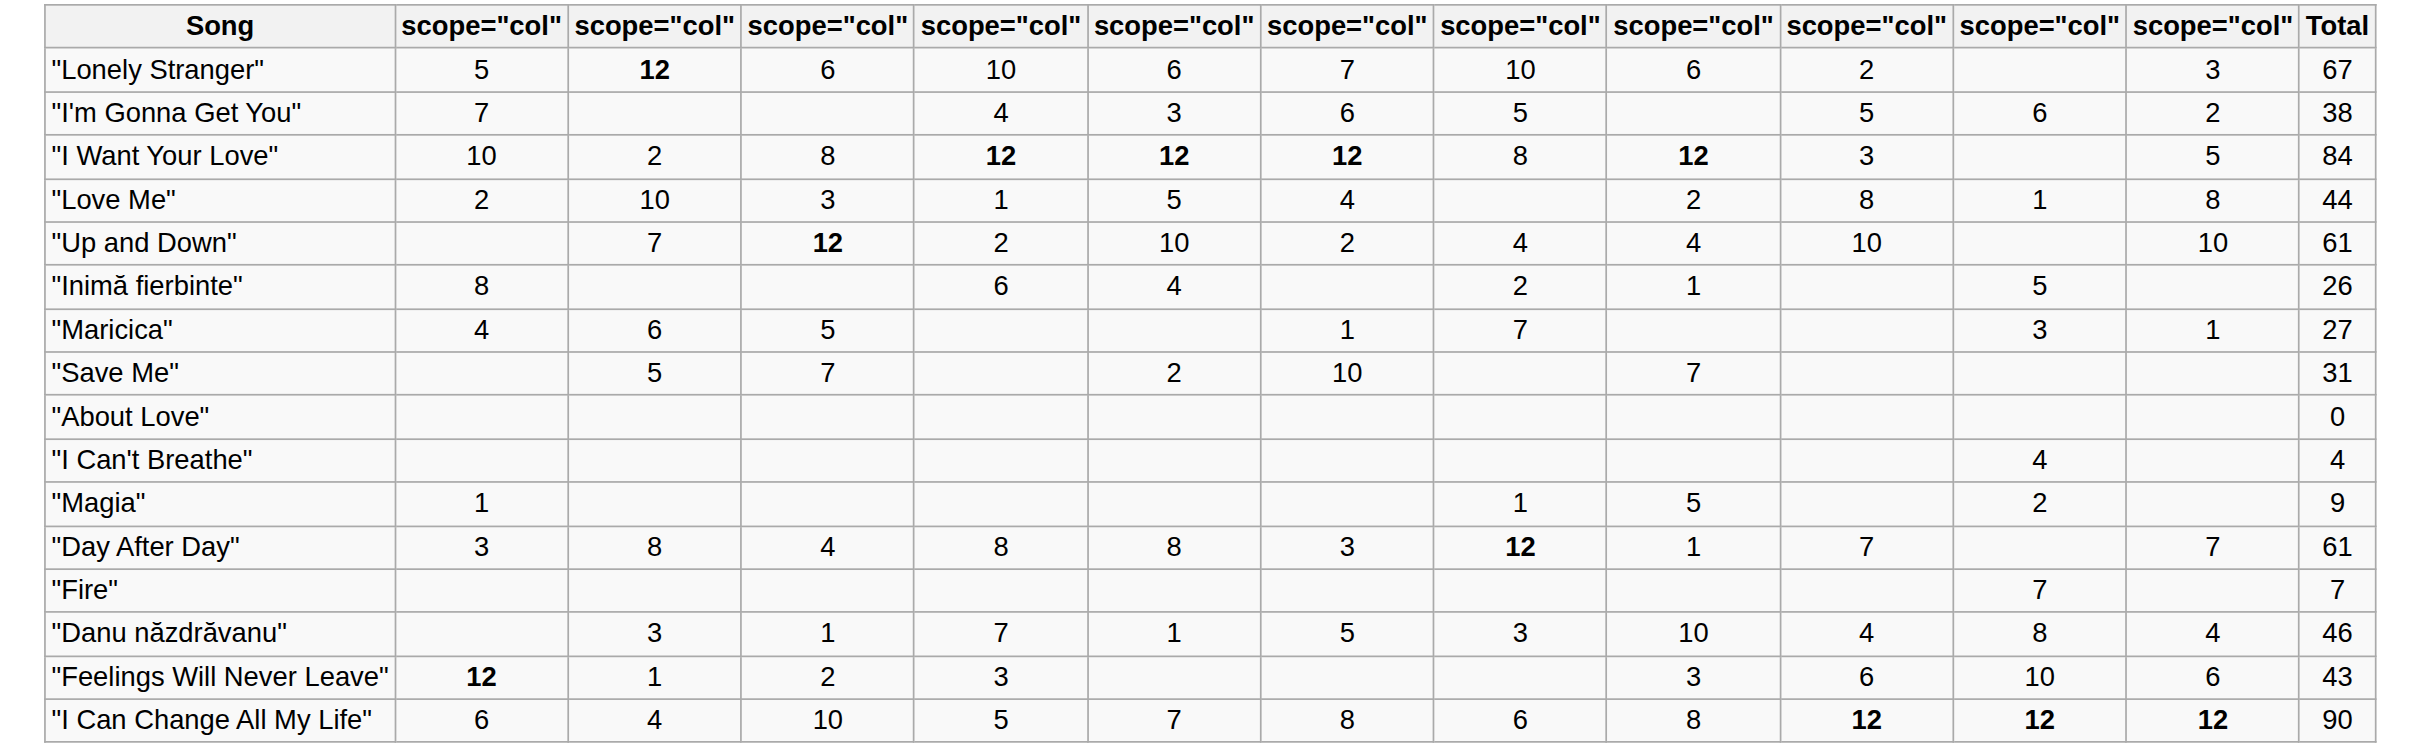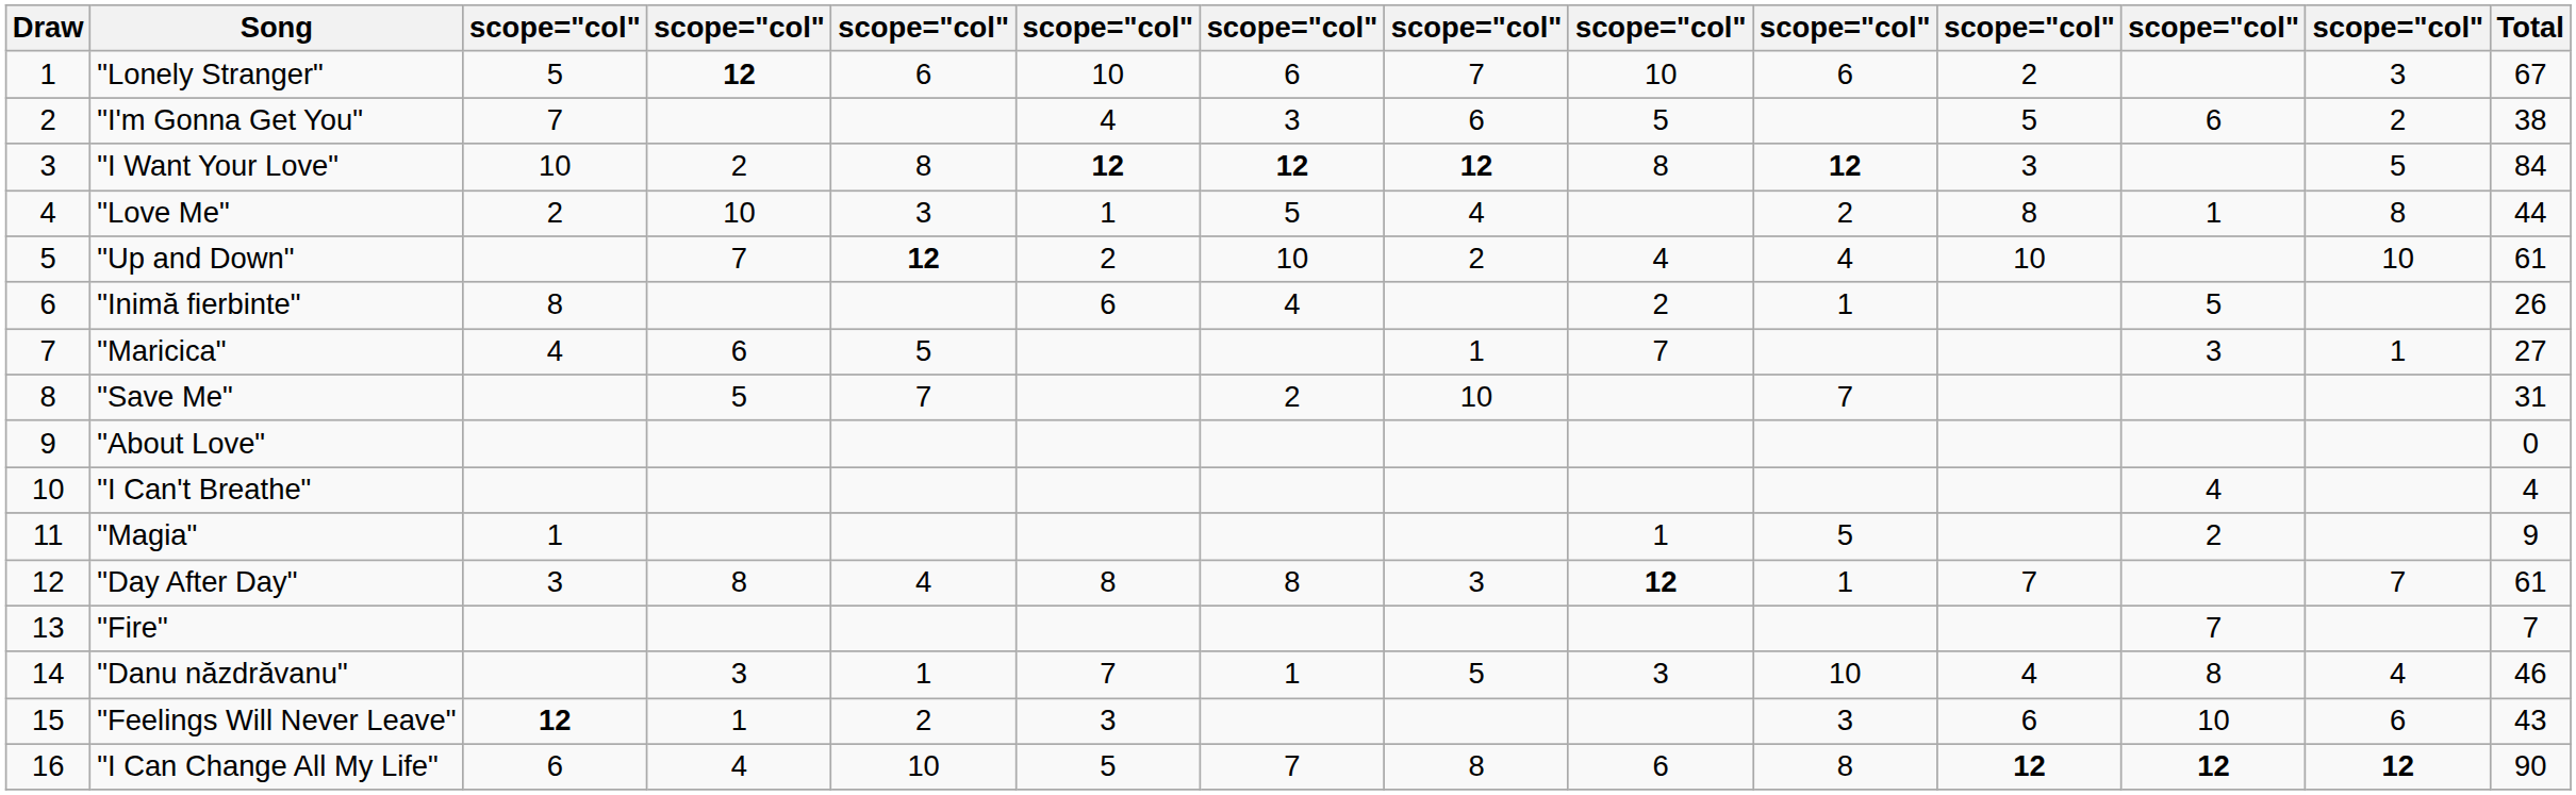 <table class="wikitable collapsible" style="margin: 1em auto 1em auto; text-align:center;">
 <tr>
+<th>Draw</th>
 <th>Song</th>
 <th>scope="col" </th>
 <th>scope="col" </th>
 <th>scope="col" </th>
 <th>scope="col" </th>
 <th>scope="col" </th>
 <th>scope="col" </th>
 <th>scope="col" </th>
 <th>scope="col" </th>
 <th>scope="col" </th>
 <th>scope="col" </th>
 <th>scope="col" </th>
 <th>Total</th>
 </tr>
 <tr>
+<td>1</td>
 <td align="left">"Lonely Stranger"</td>
 <td>5</td>
 <td><strong>12</strong></td>
 <td>6</td>
 <td>10</td>
 <td>6</td>
 <td>7</td>
 <td>10</td>
 <td>6</td>
 <td>2</td>
 <td></td>
 <td>3</td>
 <td>67</td>
 </tr>
 <tr>
+<td>2</td>
 <td align="left">"I'm Gonna Get You"</td>
 <td>7</td>
 <td></td>
 <td></td>
 <td>4</td>
 <td>3</td>
 <td>6</td>
 <td>5</td>
 <td></td>
 <td>5</td>
 <td>6</td>
 <td>2</td>
 <td>38</td>
 </tr>
 <tr>
+<td>3</td>
 <td align="left">"I Want Your Love"</td>
 <td>10</td>
 <td>2</td>
 <td>8</td>
 <td><strong>12</strong></td>
 <td><strong>12</strong></td>
 <td><strong>12</strong></td>
 <td>8</td>
 <td><strong>12</strong></td>
 <td>3</td>
 <td></td>
 <td>5</td>
 <td>84</td>
 </tr>
 <tr>
+<td>4</td>
 <td align="left">"Love Me"</td>
 <td>2</td>
 <td>10</td>
 <td>3</td>
 <td>1</td>
 <td>5</td>
 <td>4</td>
 <td></td>
 <td>2</td>
 <td>8</td>
 <td>1</td>
 <td>8</td>
 <td>44</td>
 </tr>
 <tr>
+<td>5</td>
 <td align="left">"Up and Down"</td>
 <td></td>
 <td>7</td>
 <td><strong>12</strong></td>
 <td>2</td>
 <td>10</td>
 <td>2</td>
 <td>4</td>
 <td>4</td>
 <td>10</td>
 <td></td>
 <td>10</td>
 <td>61</td>
 </tr>
 <tr>
+<td>6</td>
 <td align="left">"Inimă fierbinte"</td>
 <td>8</td>
 <td></td>
 <td></td>
 <td>6</td>
 <td>4</td>
 <td></td>
 <td>2</td>
 <td>1</td>
 <td></td>
 <td>5</td>
 <td></td>
 <td>26</td>
 </tr>
 <tr>
+<td>7</td>
 <td align="left">"Maricica"</td>
 <td>4</td>
 <td>6</td>
 <td>5</td>
 <td></td>
 <td></td>
 <td>1</td>
 <td>7</td>
 <td></td>
 <td></td>
 <td>3</td>
 <td>1</td>
 <td>27</td>
 </tr>
 <tr>
+<td>8</td>
 <td align="left">"Save Me"</td>
 <td></td>
 <td>5</td>
 <td>7</td>
 <td></td>
 <td>2</td>
 <td>10</td>
 <td></td>
 <td>7</td>
 <td></td>
 <td></td>
 <td></td>
 <td>31</td>
 </tr>
 <tr>
+<td>9</td>
 <td align="left">"About Love"</td>
 <td></td>
 <td></td>
 <td></td>
 <td></td>
 <td></td>
 <td></td>
 <td></td>
 <td></td>
 <td></td>
 <td></td>
 <td></td>
 <td>0</td>
 </tr>
 <tr>
+<td>10</td>
 <td align="left">"I Can't Breathe"</td>
 <td></td>
 <td></td>
 <td></td>
 <td></td>
 <td></td>
 <td></td>
 <td></td>
 <td></td>
 <td></td>
 <td>4</td>
 <td></td>
 <td>4</td>
 </tr>
 <tr>
+<td>11</td>
 <td align="left">"Magia"</td>
 <td>1</td>
 <td></td>
 <td></td>
 <td></td>
 <td></td>
 <td></td>
 <td>1</td>
 <td>5</td>
 <td></td>
 <td>2</td>
 <td></td>
 <td>9</td>
 </tr>
 <tr>
+<td>12</td>
 <td align="left">"Day After Day"</td>
 <td>3</td>
 <td>8</td>
 <td>4</td>
 <td>8</td>
 <td>8</td>
 <td>3</td>
 <td><strong>12</strong></td>
 <td>1</td>
 <td>7</td>
 <td></td>
 <td>7</td>
 <td>61</td>
 </tr>
 <tr>
+<td>13</td>
 <td align="left">"Fire"</td>
 <td></td>
 <td></td>
 <td></td>
 <td></td>
 <td></td>
 <td></td>
 <td></td>
 <td></td>
 <td></td>
 <td>7</td>
 <td></td>
 <td>7</td>
 </tr>
 <tr>
+<td>14</td>
 <td align="left">"Danu năzdrăvanu"</td>
 <td></td>
 <td>3</td>
 <td>1</td>
 <td>7</td>
 <td>1</td>
 <td>5</td>
 <td>3</td>
 <td>10</td>
 <td>4</td>
 <td>8</td>
 <td>4</td>
 <td>46</td>
 </tr>
 <tr>
+<td>15</td>
 <td align="left">"Feelings Will Never Leave"</td>
 <td><strong>12</strong></td>
 <td>1</td>
 <td>2</td>
 <td>3</td>
 <td></td>
 <td></td>
 <td></td>
 <td>3</td>
 <td>6</td>
 <td>10</td>
 <td>6</td>
 <td>43</td>
 </tr>
 <tr>
+<td>16</td>
 <td align="left">"I Can Change All My Life"</td>
 <td>6</td>
 <td>4</td>
 <td>10</td>
 <td>5</td>
 <td>7</td>
 <td>8</td>
 <td>6</td>
 <td>8</td>
 <td><strong>12</strong></td>
 <td><strong>12</strong></td>
 <td><strong>12</strong></td>
 <td>90</td>
 </tr>
 </table>
